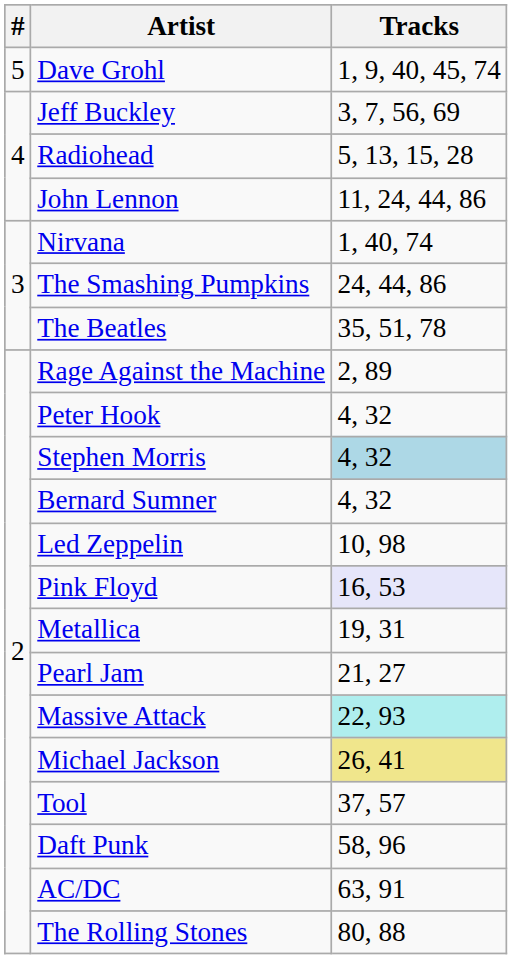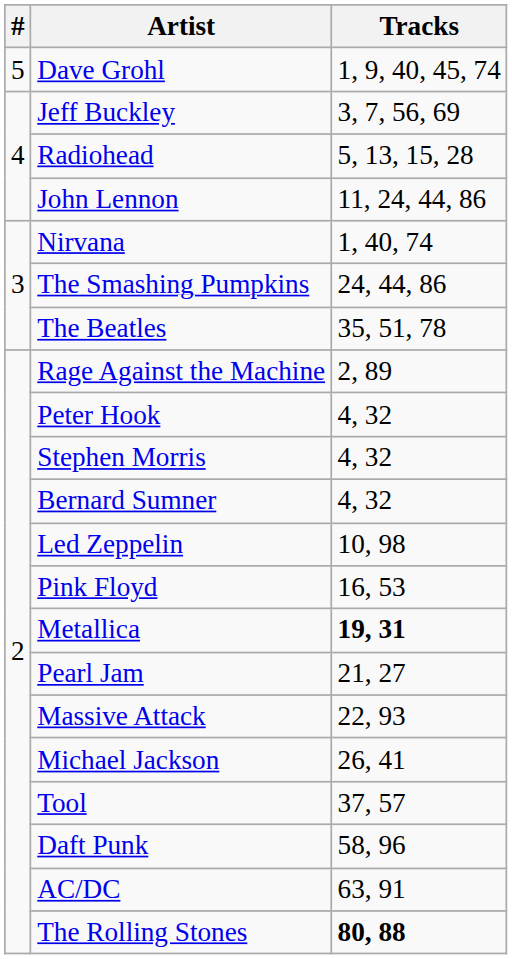 <table class="wikitable sortable">
 <tr>
 <th>#</th>
 <th>Artist</th>
 <th>Tracks</th>
 </tr>
 <tr>
 <td>5</td>
 <td><a href='#'>Dave Grohl</a></td>
 <td>1, 9, 40, 45, 74</td>
 </tr>
 <tr>
 <td rowspan="3">4</td>
 <td><a href='#'>Jeff Buckley</a></td>
 <td>3, 7, 56, 69</td>
 </tr>
 <tr>
 <td><a href='#'>Radiohead</a></td>
 <td>5, 13, 15, 28</td>
 </tr>
 <tr>
 <td><a href='#'>John Lennon</a></td>
 <td>11, 24, 44, 86</td>
 </tr>
 <tr>
 <td rowspan="3">3</td>
 <td><a href='#'>Nirvana</a></td>
 <td>1, 40, 74</td>
 </tr>
 <tr>
 <td><a href='#'>The Smashing Pumpkins</a></td>
 <td>24, 44, 86</td>
 </tr>
 <tr>
 <td><a href='#'>The Beatles</a></td>
 <td>35, 51, 78</td>
 </tr>
 <tr>
 <td rowspan="14">2</td>
 <td><a href='#'>Rage Against the Machine</a></td>
 <td>2, 89</td>
 </tr>
 <tr>
 <td><a href='#'>Peter Hook</a></td>
 <td>4, 32</td>
 </tr>
 <tr>
 <td><a href='#'>Stephen Morris</a></td>
-<td style="background: lightblue;">4, 32</td>
+<td>4, 32</td>
 </tr>
 <tr>
 <td><a href='#'>Bernard Sumner</a></td>
 <td>4, 32</td>
 </tr>
 <tr>
 <td><a href='#'>Led Zeppelin</a></td>
 <td>10, 98</td>
 </tr>
 <tr>
 <td><a href='#'>Pink Floyd</a></td>
-<td style="background: lavender;">16, 53</td>
+<td>16, 53</td>
 </tr>
 <tr>
 <td><a href='#'>Metallica</a></td>
-<td>19, 31</td>
+<td><strong>19, 31</strong></td>
 </tr>
 <tr>
 <td><a href='#'>Pearl Jam</a></td>
 <td>21, 27</td>
 </tr>
 <tr>
 <td><a href='#'>Massive Attack</a></td>
-<td style="background: paleturquoise;">22, 93</td>
+<td>22, 93</td>
 </tr>
 <tr>
 <td><a href='#'>Michael Jackson</a></td>
-<td style="background: khaki;">26, 41</td>
+<td>26, 41</td>
 </tr>
 <tr>
 <td><a href='#'>Tool</a></td>
 <td>37, 57</td>
 </tr>
 <tr>
 <td><a href='#'>Daft Punk</a></td>
 <td>58, 96</td>
 </tr>
 <tr>
 <td><a href='#'>AC/DC</a></td>
 <td>63, 91</td>
 </tr>
 <tr>
 <td><a href='#'>The Rolling Stones</a></td>
-<td>80, 88</td>
+<td><strong>80, 88</strong></td>
 </tr>
 </table>
